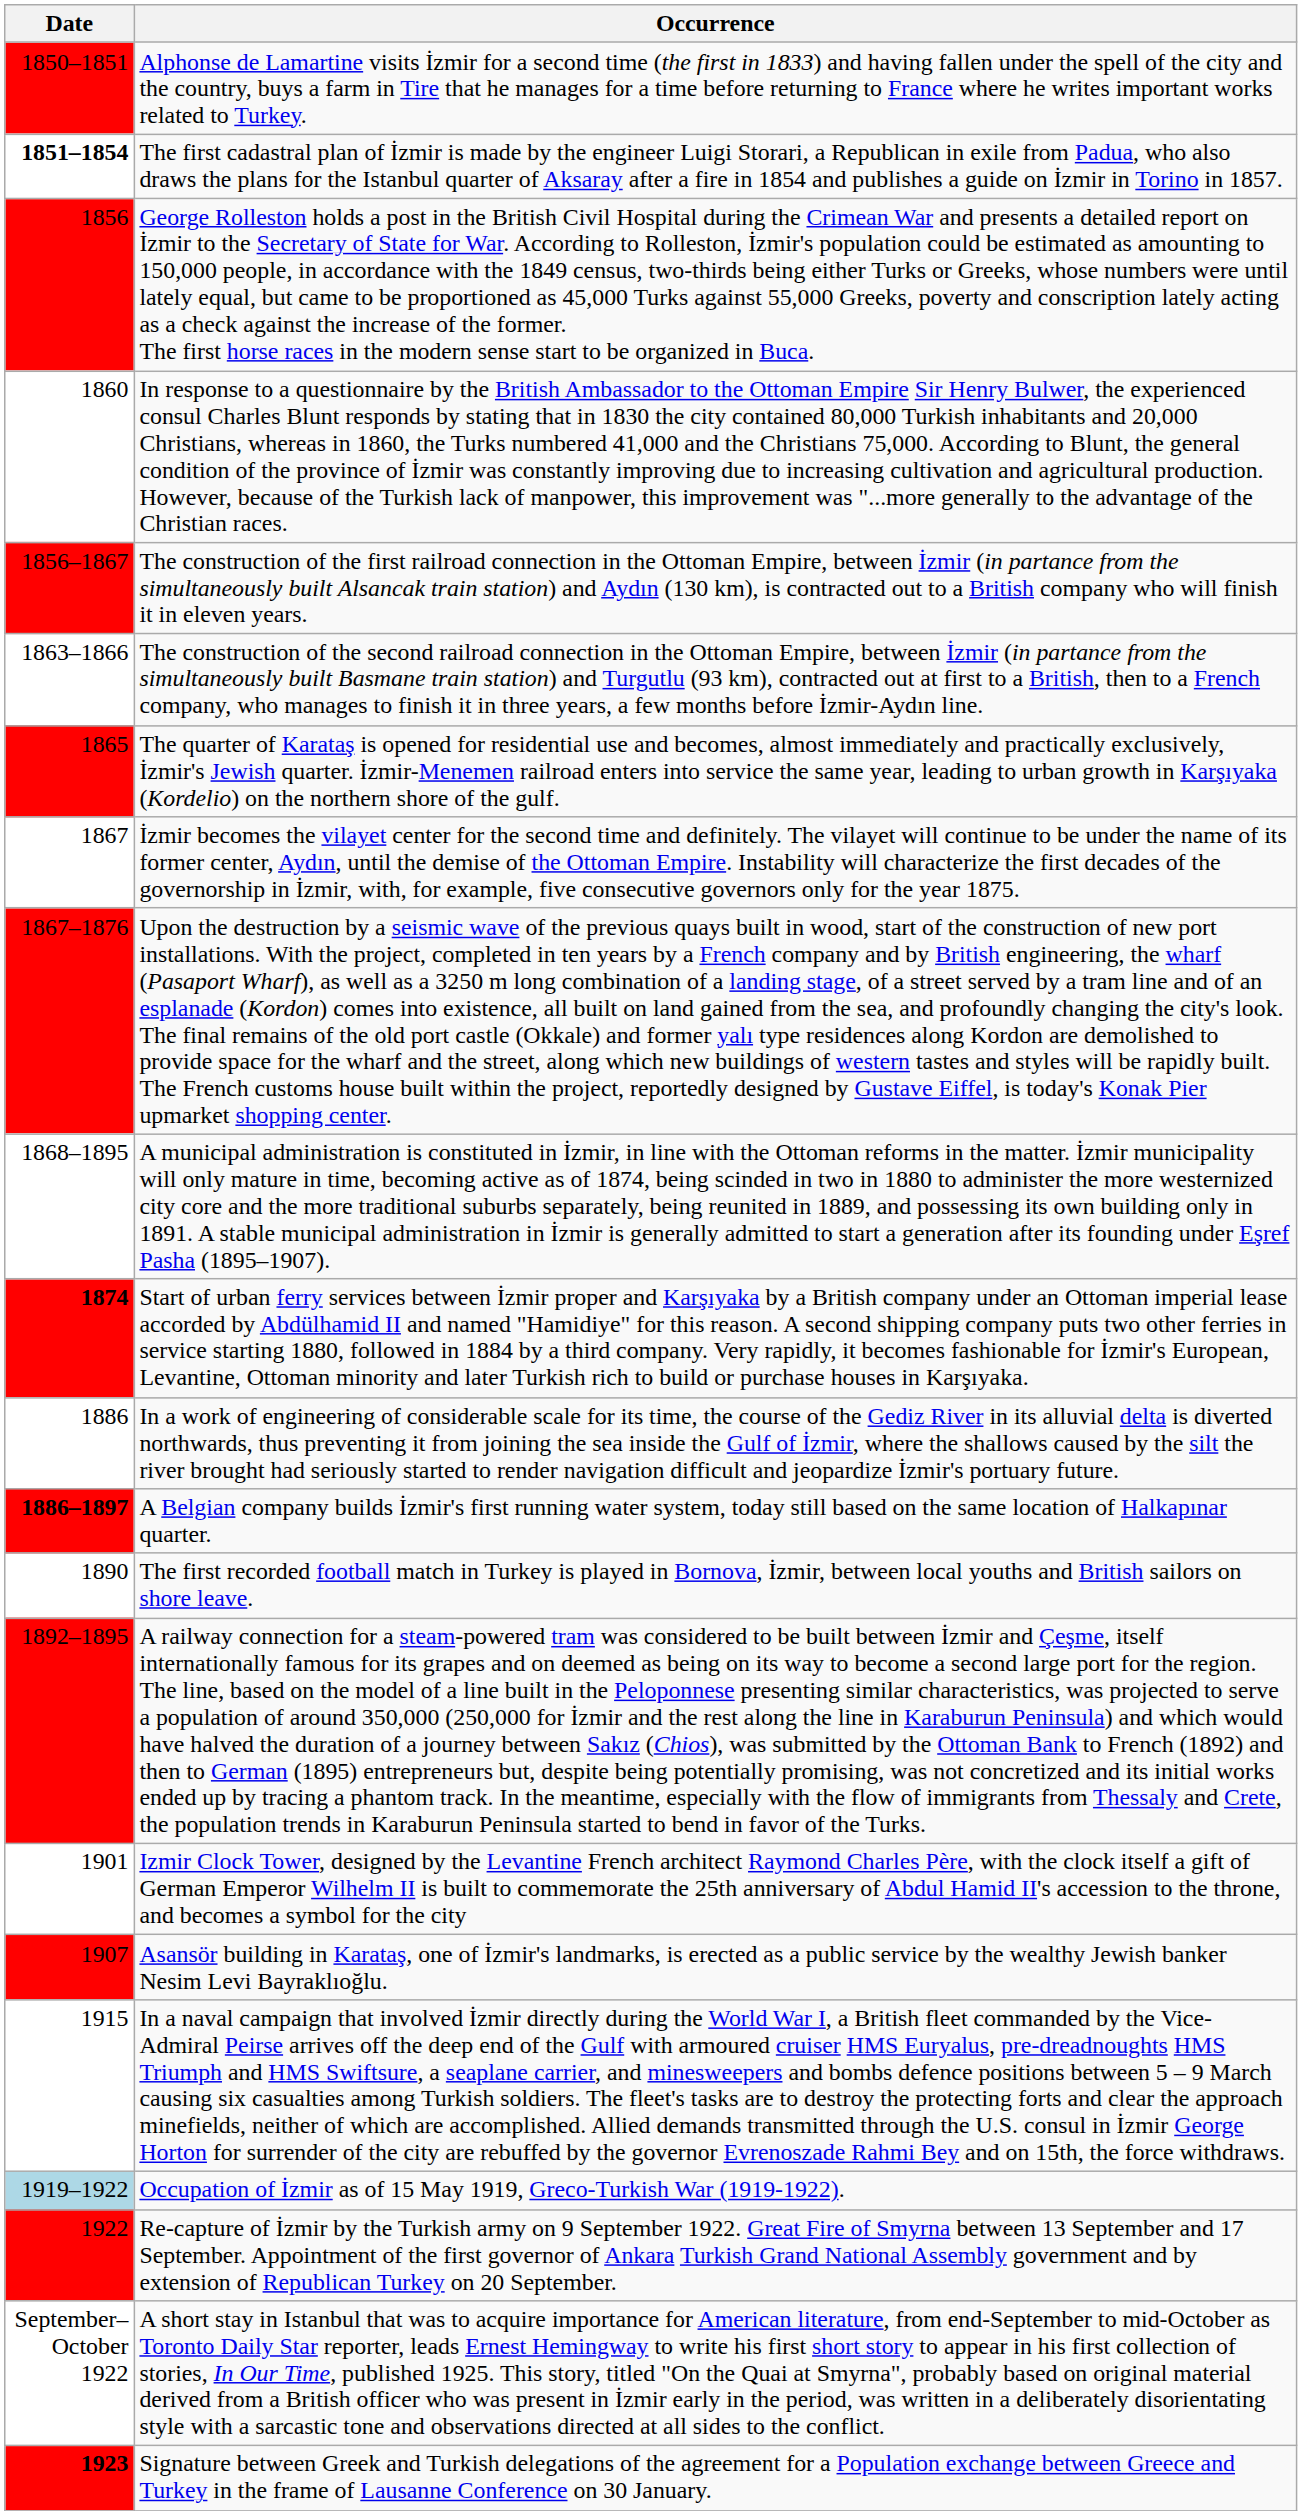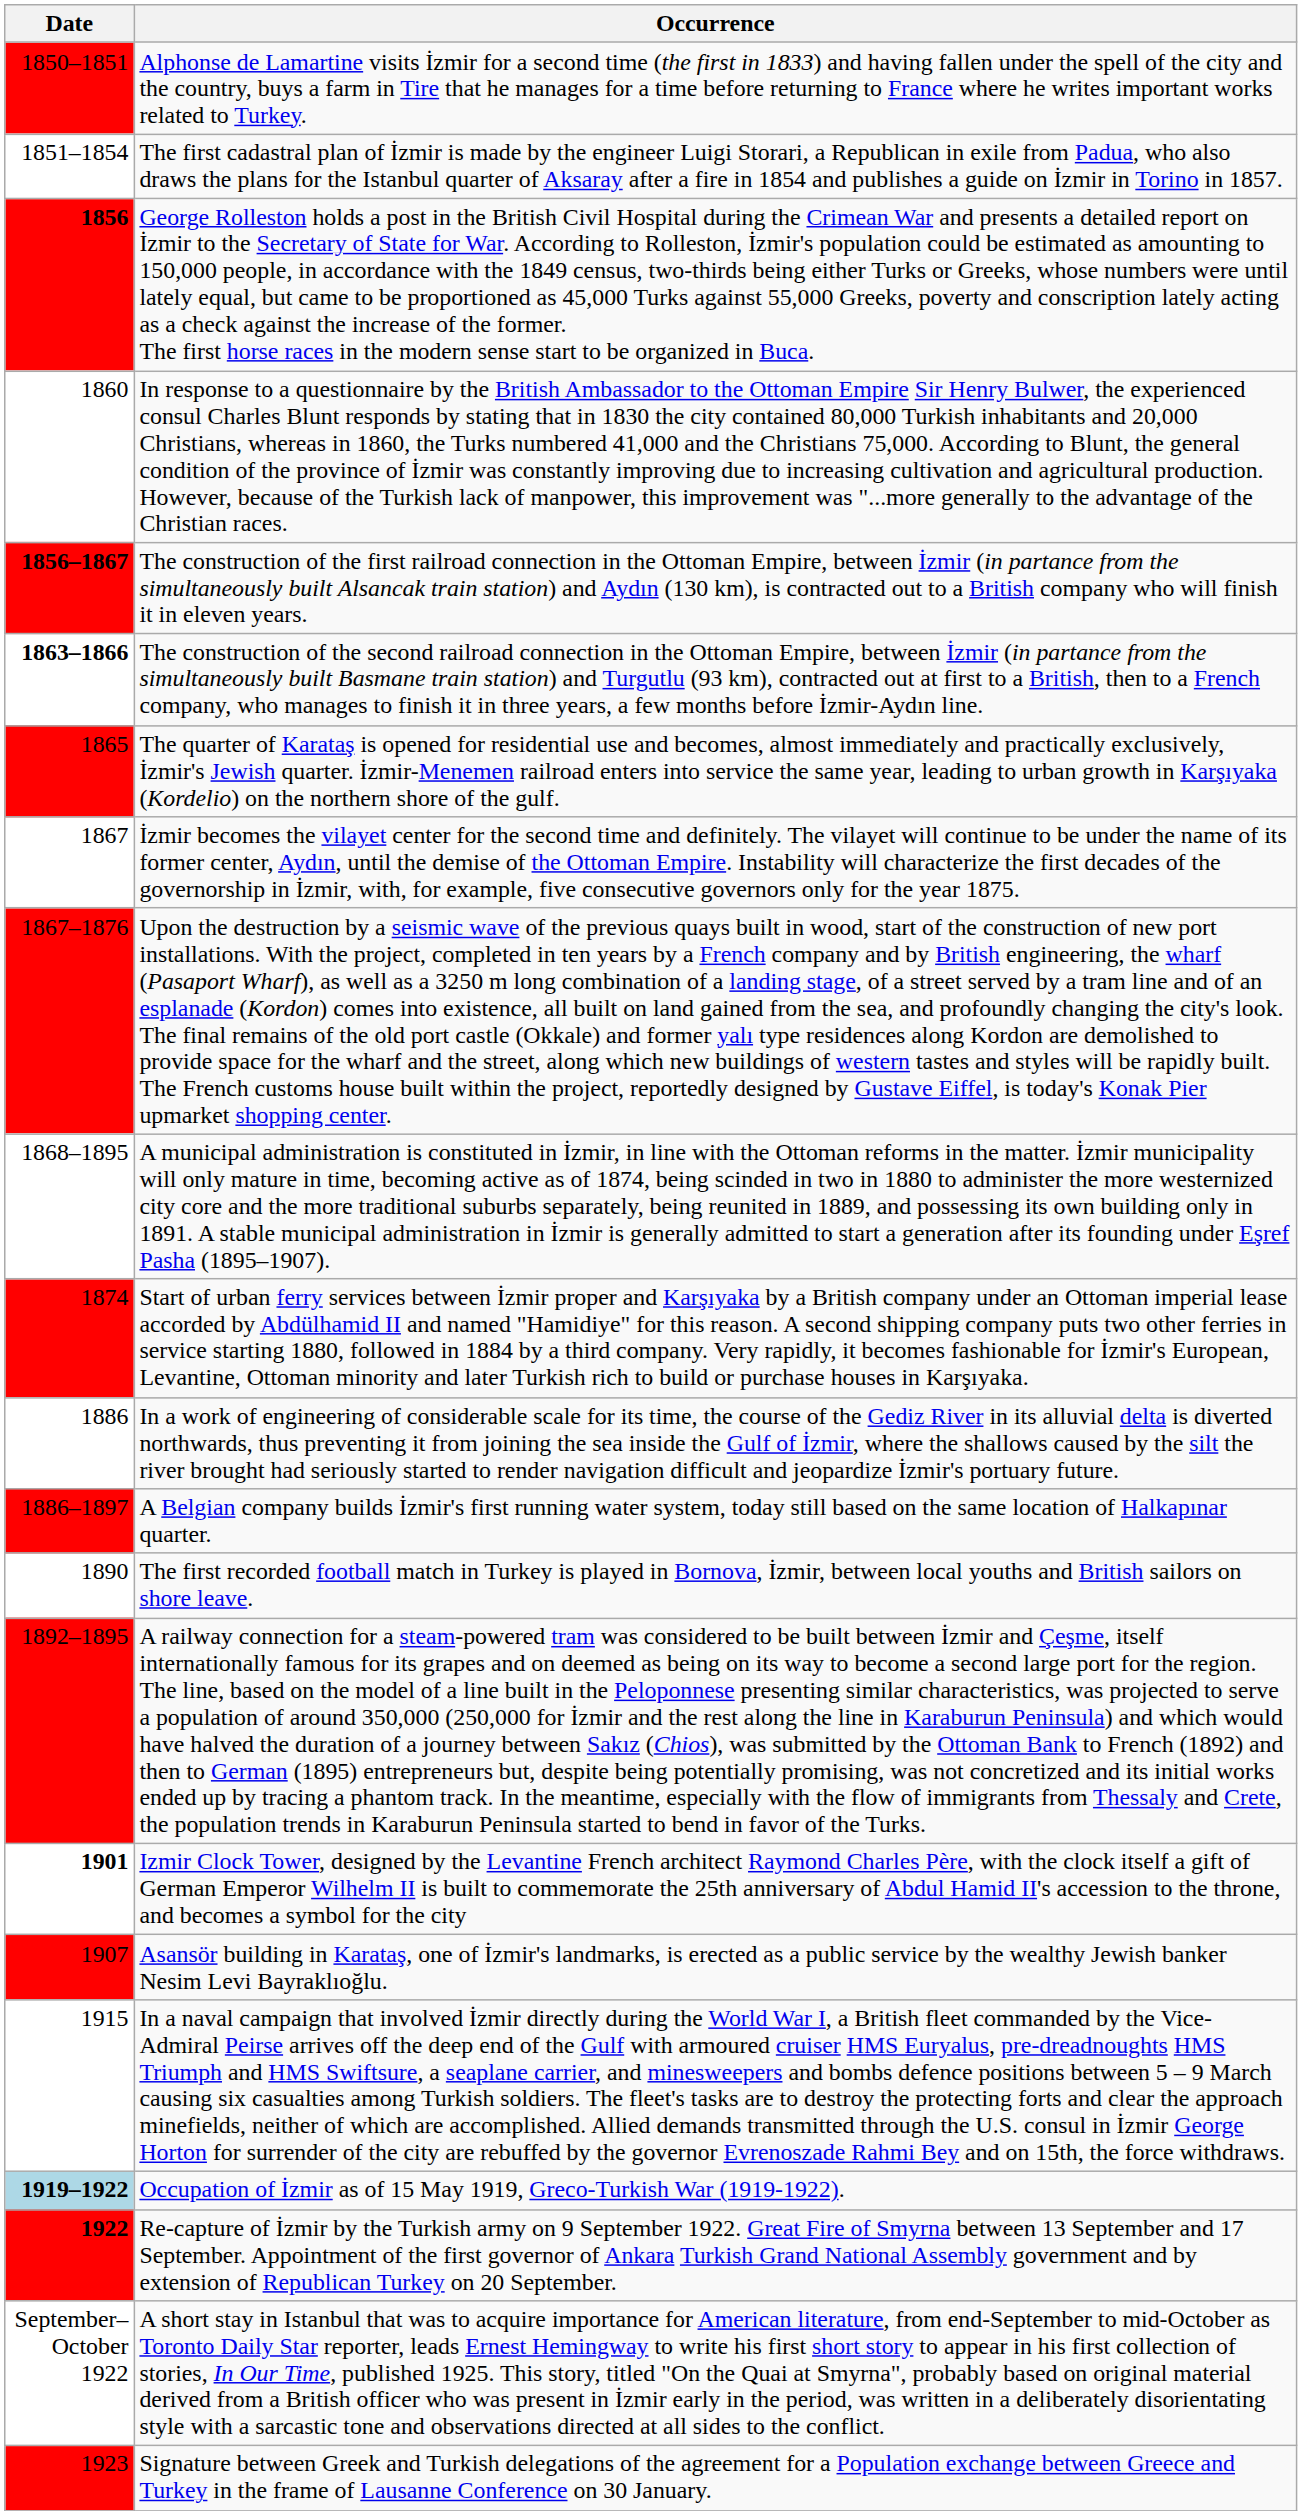 <table class="wikitable">
 <tr>
 <th width="10%"><strong>Date</strong></th>
 <th><strong>Occurrence</strong></th>
 </tr>
 <tr>
 <td valign="top" align="right" style="background:Red">1850–1851</td>
 <td><a href='#'>Alphonse de Lamartine</a> visits İzmir for a second time (<em>the first in 1833</em>) and having fallen under the spell of the city and the country, buys a farm in <a href='#'>Tire</a> that he manages for a time before returning to <a href='#'>France</a> where he writes important works related to <a href='#'>Turkey</a>.</td>
 </tr>
 <tr>
-<td valign="top" align="right" style="background:White"><strong>1851–1854</strong></td>
+<td valign="top" align="right" style="background:White">1851–1854</td>
 <td>The first cadastral plan of İzmir is made by the engineer Luigi Storari, a Republican in exile from <a href='#'>Padua</a>, who also draws the plans for the Istanbul quarter of <a href='#'>Aksaray</a> after a fire in 1854 and publishes a guide on İzmir in <a href='#'>Torino</a> in 1857.</td>
 </tr>
 <tr>
-<td valign="top" align="right" style="background:Red">1856</td>
+<td valign="top" align="right" style="background:Red"><strong>1856</strong></td>
 <td><a href='#'>George Rolleston</a> holds a post in the British Civil Hospital during the <a href='#'>Crimean War</a> and presents a detailed report on İzmir to the <a href='#'>Secretary of State for War</a>. According to Rolleston, İzmir's population could be estimated as amounting to 150,000 people, in accordance with the 1849 census, two-thirds being either Turks or Greeks, whose numbers were until lately equal, but came to be proportioned as 45,000 Turks against 55,000 Greeks, poverty and conscription lately acting as a check against the increase of the former. <br>The first <a href='#'>horse races</a> in the modern sense start to be organized in <a href='#'>Buca</a>.</td>
 </tr>
 <tr>
 <td valign="top" align="right" style="background:White">1860</td>
 <td>In response to a questionnaire by the <a href='#'>British Ambassador to the Ottoman Empire</a> <a href='#'>Sir Henry Bulwer</a>, the experienced consul Charles Blunt responds by stating that in 1830 the city contained 80,000 Turkish inhabitants and 20,000 Christians, whereas in 1860, the Turks numbered 41,000 and the Christians 75,000. According to Blunt, the general condition of the province of İzmir was constantly improving due to increasing cultivation and agricultural production. However, because of the Turkish lack of manpower, this improvement was "...more generally to the advantage of the Christian races.</td>
 </tr>
 <tr>
-<td valign="top" align="right" style="background:Red">1856–1867</td>
+<td valign="top" align="right" style="background:Red"><strong>1856–1867</strong></td>
 <td>The construction of the first railroad connection in the Ottoman Empire, between <a href='#'>İzmir</a> (<em>in partance from the simultaneously built Alsancak train station</em>) and <a href='#'>Aydın</a> (130 km), is contracted out to a <a href='#'>British</a> company who will finish it in eleven years.</td>
 </tr>
 <tr>
-<td valign="top" align="right" style="background:White">1863–1866</td>
+<td valign="top" align="right" style="background:White"><strong>1863–1866</strong></td>
 <td>The construction of the second railroad connection in the Ottoman Empire, between <a href='#'>İzmir</a> (<em>in partance from the simultaneously built Basmane train station</em>) and <a href='#'>Turgutlu</a> (93 km), contracted out at first to a <a href='#'>British</a>, then to a <a href='#'>French</a> company, who manages to finish it in three years, a few months before İzmir-Aydın line.</td>
 </tr>
 <tr>
 <td valign="top" align="right" style="background:Red">1865</td>
 <td>The quarter of <a href='#'>Karataş</a> is opened for residential use and becomes, almost immediately and practically exclusively, İzmir's <a href='#'>Jewish</a> quarter. İzmir-<a href='#'>Menemen</a> railroad enters into service the same year, leading to urban growth in <a href='#'>Karşıyaka</a> (<em>Kordelio</em>) on the northern shore of the gulf.</td>
 </tr>
 <tr>
 <td valign="top" align="right" style="background:White">1867</td>
 <td>İzmir becomes the <a href='#'>vilayet</a> center for the second time and definitely. The vilayet will continue to be under the name of its former center, <a href='#'>Aydın</a>, until the demise of <a href='#'>the Ottoman Empire</a>. Instability will characterize the first decades of the governorship in İzmir, with, for example, five consecutive governors only for the year 1875.</td>
 </tr>
 <tr>
 <td valign="top" align="right" style="background:Red">1867–1876</td>
 <td>Upon the destruction by a <a href='#'>seismic wave</a> of the previous quays built in wood, start of the construction of new port installations. With the project, completed in ten years by a <a href='#'>French</a> company and by <a href='#'>British</a> engineering, the <a href='#'>wharf</a> (<em>Pasaport Wharf</em>), as well as a 3250 m long combination of a <a href='#'>landing stage</a>, of a street served by a tram line and of an <a href='#'>esplanade</a> (<em>Kordon</em>) comes into existence, all built on land gained from the sea, and profoundly changing the city's look. The final remains of the old port castle (Okkale) and former <a href='#'>yalı</a> type residences along Kordon are demolished to provide space for the wharf and the street, along which new buildings of <a href='#'>western</a> tastes and styles will be rapidly built. The French customs house built within the project, reportedly designed by <a href='#'>Gustave Eiffel</a>, is today's <a href='#'>Konak Pier</a> upmarket <a href='#'>shopping center</a>.</td>
 </tr>
 <tr>
 <td valign="top" align="right" style="background:White">1868–1895</td>
 <td>A municipal administration is constituted in İzmir, in line with the Ottoman reforms in the matter. İzmir municipality will only mature in time, becoming active as of 1874, being scinded in two in 1880 to administer the more westernized city core and the more traditional suburbs separately, being reunited in 1889, and possessing its own building only in 1891. A stable municipal administration in İzmir is generally admitted to start a generation after its founding under <a href='#'>Eşref Pasha</a> (1895–1907).</td>
 </tr>
 <tr>
-<td valign="top" align="right" style="background:Red"><strong>1874</strong></td>
+<td valign="top" align="right" style="background:Red">1874</td>
 <td>Start of urban <a href='#'>ferry</a> services between İzmir proper and <a href='#'>Karşıyaka</a> by a British company under an Ottoman imperial lease accorded by <a href='#'>Abdülhamid II</a> and named "Hamidiye" for this reason. A second shipping company puts two other ferries in service starting 1880, followed in 1884 by a third company. Very rapidly, it becomes fashionable for İzmir's European, Levantine, Ottoman minority and later Turkish rich to build or purchase houses in Karşıyaka.</td>
 </tr>
 <tr>
 <td valign="top" align="right" style="background:White">1886</td>
 <td>In a work of engineering of considerable scale for its time, the course of the <a href='#'>Gediz River</a> in its alluvial <a href='#'>delta</a> is diverted northwards, thus preventing it from joining the sea inside the <a href='#'>Gulf of İzmir</a>, where the shallows caused by the <a href='#'>silt</a> the river brought had seriously started to render navigation difficult and jeopardize İzmir's portuary future.</td>
 </tr>
 <tr>
-<td valign="top" align="right" style="background:Red"><strong>1886–1897</strong></td>
+<td valign="top" align="right" style="background:Red">1886–1897</td>
 <td>A <a href='#'>Belgian</a> company builds İzmir's first running water system, today still based on the same location of <a href='#'>Halkapınar</a> quarter.</td>
 </tr>
 <tr>
 <td valign="top" align="right" style="background:White">1890</td>
 <td>The first recorded <a href='#'>football</a> match in Turkey is played in <a href='#'>Bornova</a>, İzmir, between local youths and <a href='#'>British</a> sailors on <a href='#'>shore leave</a>.</td>
 </tr>
 <tr>
 <td valign="top" align="right" style="background:Red">1892–1895</td>
 <td>A railway connection for a <a href='#'>steam</a>-powered <a href='#'>tram</a> was considered to be built between İzmir and <a href='#'>Çeşme</a>, itself internationally famous for its grapes and on deemed as being on its way to become a second large port for the region. The line, based on the model of a line built in the <a href='#'>Peloponnese</a> presenting similar characteristics, was projected to serve a population of around 350,000 (250,000 for İzmir and the rest along the line in <a href='#'>Karaburun Peninsula</a>) and which would have halved the duration of a journey between <a href='#'>Sakız</a> (<em><a href='#'>Chios</a></em>), was submitted by the <a href='#'>Ottoman Bank</a> to French (1892) and then to <a href='#'>German</a> (1895) entrepreneurs but, despite being potentially promising, was not concretized and its initial works ended up by tracing a phantom track. In the meantime, especially with the flow of immigrants from <a href='#'>Thessaly</a> and <a href='#'>Crete</a>, the population trends in Karaburun Peninsula started to bend in favor of the Turks.</td>
 </tr>
 <tr>
-<td valign="top" align="right" style="background:White">1901</td>
+<td valign="top" align="right" style="background:White"><strong>1901</strong></td>
 <td><a href='#'>Izmir Clock Tower</a>, designed by the <a href='#'>Levantine</a> French architect <a href='#'>Raymond Charles Père</a>, with the clock itself a gift of German Emperor <a href='#'>Wilhelm II</a> is built to commemorate the 25th anniversary of <a href='#'>Abdul Hamid II</a>'s accession to the throne, and becomes a symbol for the city</td>
 </tr>
 <tr>
 <td valign="top" align="right" style="background:Red">1907</td>
 <td><a href='#'>Asansör</a> building in <a href='#'>Karataş</a>, one of İzmir's landmarks, is erected as a public service by the wealthy Jewish banker Nesim Levi Bayraklıoğlu.</td>
 </tr>
 <tr>
 <td valign="top" align="right" style="background:White">1915</td>
 <td>In a naval campaign that involved İzmir directly during the <a href='#'>World War I</a>, a British fleet commanded by the Vice-Admiral <a href='#'>Peirse</a> arrives off the deep end of the <a href='#'>Gulf</a> with armoured <a href='#'>cruiser</a> <a href='#'>HMS Euryalus</a>, <a href='#'>pre-dreadnoughts</a> <a href='#'>HMS Triumph</a> and <a href='#'>HMS Swiftsure</a>, a <a href='#'>seaplane carrier</a>, and <a href='#'>minesweepers</a> and bombs defence positions between 5 – 9 March causing six casualties among Turkish soldiers. The fleet's tasks are to destroy the protecting forts and clear the approach minefields, neither of which are accomplished. Allied demands transmitted through the U.S. consul in İzmir <a href='#'>George Horton</a> for surrender of the city are rebuffed by the governor <a href='#'>Evrenoszade Rahmi Bey</a> and on 15th, the force withdraws.</td>
 </tr>
 <tr>
-<td valign="top" align="right" style="background:Lightblue">1919–1922</td>
+<td valign="top" align="right" style="background:Lightblue"><strong>1919–1922</strong></td>
 <td><a href='#'>Occupation of İzmir</a> as of 15 May 1919, <a href='#'>Greco-Turkish War (1919-1922)</a>.</td>
 </tr>
 <tr>
-<td valign="top" align="right" style="background:Red">1922</td>
+<td valign="top" align="right" style="background:Red"><strong>1922</strong></td>
 <td>Re-capture of İzmir by the Turkish army on 9 September 1922. <a href='#'>Great Fire of Smyrna</a> between 13 September and 17 September. Appointment of the first governor of <a href='#'>Ankara</a> <a href='#'>Turkish Grand National Assembly</a> government and by extension of <a href='#'>Republican Turkey</a> on 20 September.</td>
 </tr>
 <tr>
 <td valign="top" align="right" style="background:White">September–October 1922</td>
 <td>A short stay in Istanbul that was to acquire importance for <a href='#'>American literature</a>, from end-September to mid-October as <a href='#'>Toronto Daily Star</a> reporter, leads <a href='#'>Ernest Hemingway</a> to write his first <a href='#'>short story</a> to appear in his first collection of stories, <em><a href='#'>In Our Time</a></em>, published 1925. This story, titled "On the Quai at Smyrna", probably based on original material derived from a British officer who was present in İzmir early in the period, was written in a deliberately disorientating style with a sarcastic tone and observations directed at all sides to the conflict.</td>
 </tr>
 <tr>
-<td valign="top" align="right" style="background:Red"><strong>1923</strong></td>
+<td valign="top" align="right" style="background:Red">1923</td>
 <td>Signature between Greek and Turkish delegations of the agreement for a <a href='#'>Population exchange between Greece and Turkey</a> in the frame of <a href='#'>Lausanne Conference</a> on 30 January.</td>
 </tr>
 </table>
